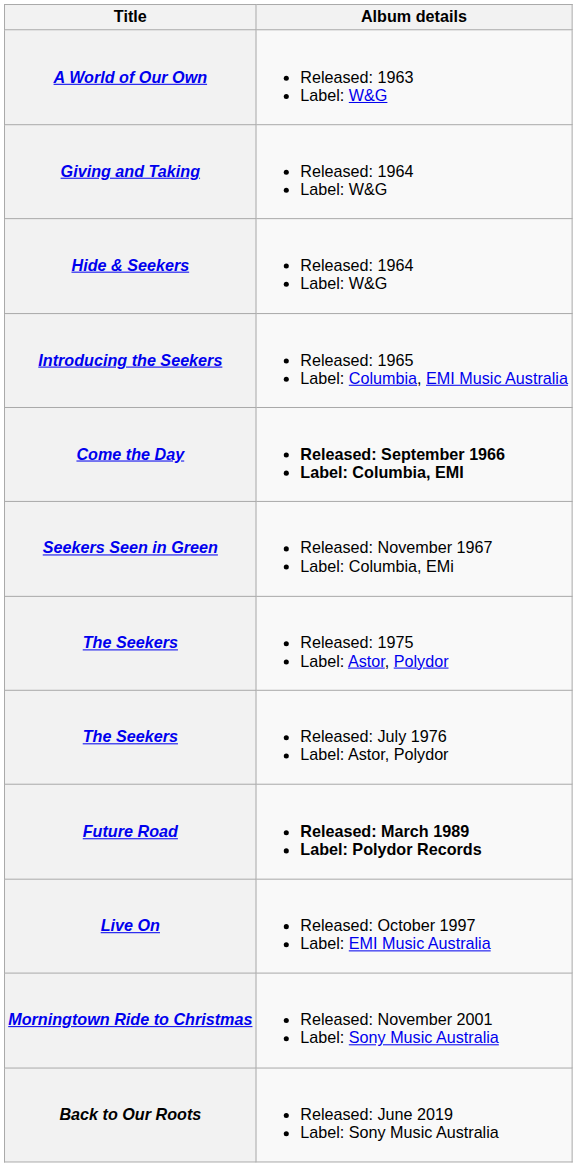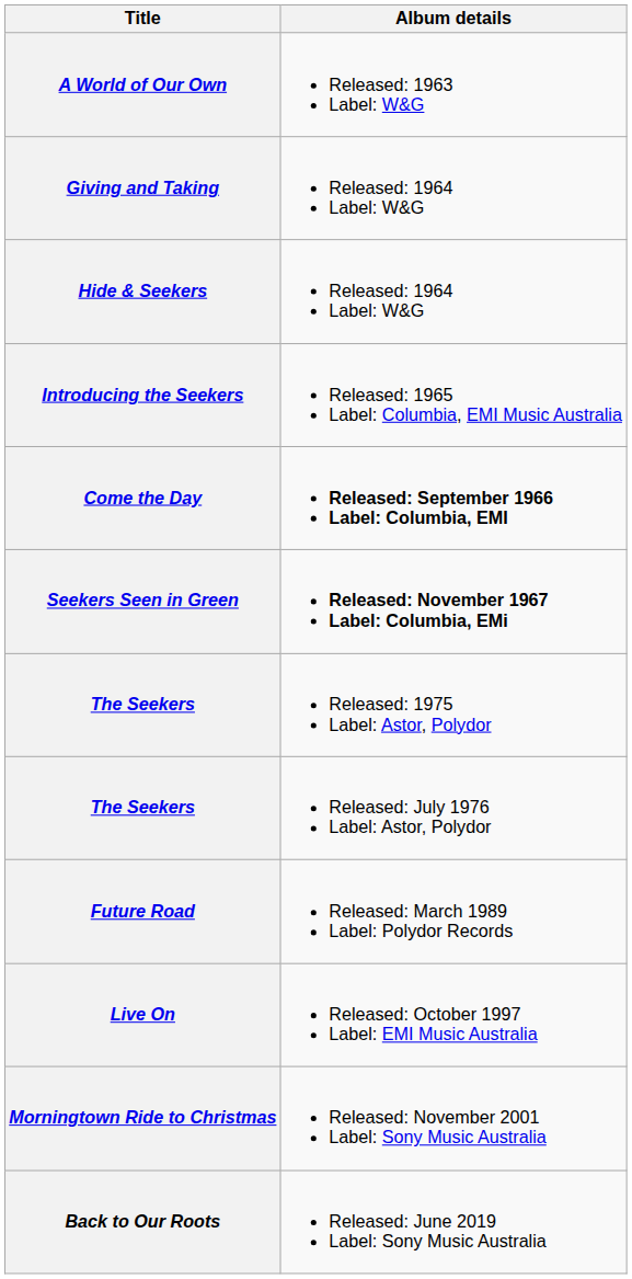 <table class="wikitable">
 <tr>
 <th>Title</th>
 <th>Album details</th>
 </tr>
 <tr>
 <th><em><a href='#'>A World of Our Own</a></em></th>
 <td><br><ul><li>Released: 1963</li><li>Label: <a href='#'>W&G</a></li></ul></td>
 </tr>
 <tr>
 <th><em><a href='#'>Giving and Taking</a></em></th>
 <td><br><ul><li>Released: 1964</li><li>Label: W&G</li></ul></td>
 </tr>
 <tr>
 <th><em><a href='#'>Hide & Seekers</a></em></th>
 <td><br><ul><li>Released: 1964</li><li>Label: W&G</li></ul></td>
 </tr>
 <tr>
 <th><em><a href='#'>Introducing the Seekers</a></em></th>
 <td><br><ul><li>Released: 1965</li><li>Label: <a href='#'>Columbia</a>, <a href='#'>EMI Music Australia</a></li></ul></td>
 </tr>
 <tr>
 <th><em><a href='#'>Come the Day</a></em></th>
 <td><strong><br><ul><li>Released: September 1966</li><li>Label: Columbia, EMI</li></ul></strong></td>
 </tr>
 <tr>
 <th><em><a href='#'>Seekers Seen in Green</a></em></th>
-<td><br><ul><li>Released: November 1967</li><li>Label: Columbia, EMi</li></ul></td>
+<td><strong><br><ul><li>Released: November 1967</li><li>Label: Columbia, EMi</li></ul></strong></td>
 </tr>
 <tr>
 <th><em><a href='#'>The Seekers</a></em></th>
 <td><br><ul><li>Released: 1975</li><li>Label: <a href='#'>Astor</a>, <a href='#'>Polydor</a></li></ul></td>
 </tr>
 <tr>
 <th><em><a href='#'>The Seekers</a></em></th>
 <td><br><ul><li>Released: July 1976</li><li>Label: Astor, Polydor</li></ul></td>
 </tr>
 <tr>
 <th><em><a href='#'>Future Road</a></em></th>
-<td><strong><br><ul><li>Released: March 1989</li><li>Label: Polydor Records</li></ul></strong></td>
+<td><br><ul><li>Released: March 1989</li><li>Label: Polydor Records</li></ul></td>
 </tr>
 <tr>
 <th><em><a href='#'>Live On</a></em></th>
 <td><br><ul><li>Released: October 1997</li><li>Label: <a href='#'>EMI Music Australia</a></li></ul></td>
 </tr>
 <tr>
 <th><em><a href='#'>Morningtown Ride to Christmas</a></em></th>
 <td><br><ul><li>Released: November 2001</li><li>Label: <a href='#'>Sony Music Australia</a></li></ul></td>
 </tr>
 <tr>
 <th><em>Back to Our Roots</em></th>
 <td><br><ul><li>Released: June 2019</li><li>Label: Sony Music Australia</li></ul></td>
 </tr>
 </table>
